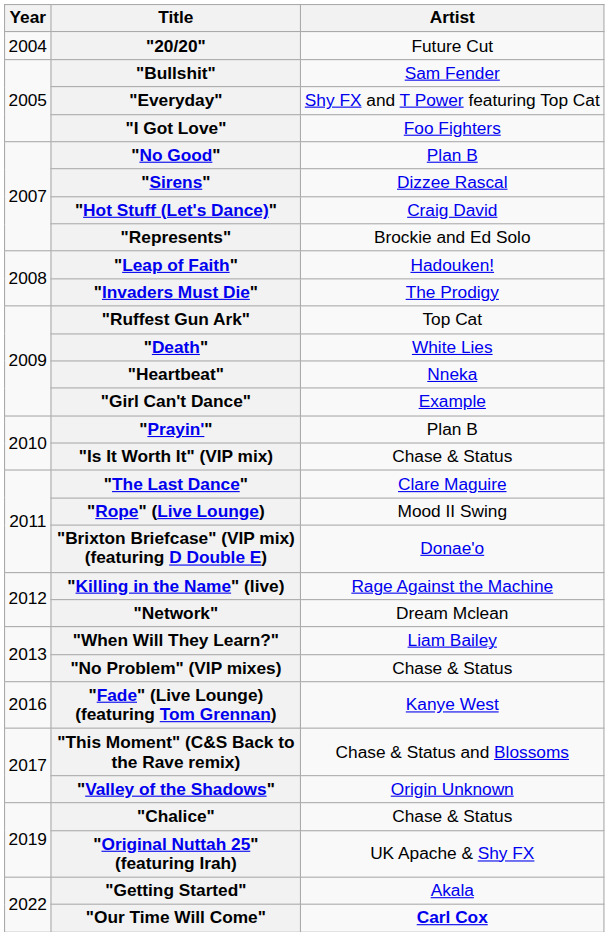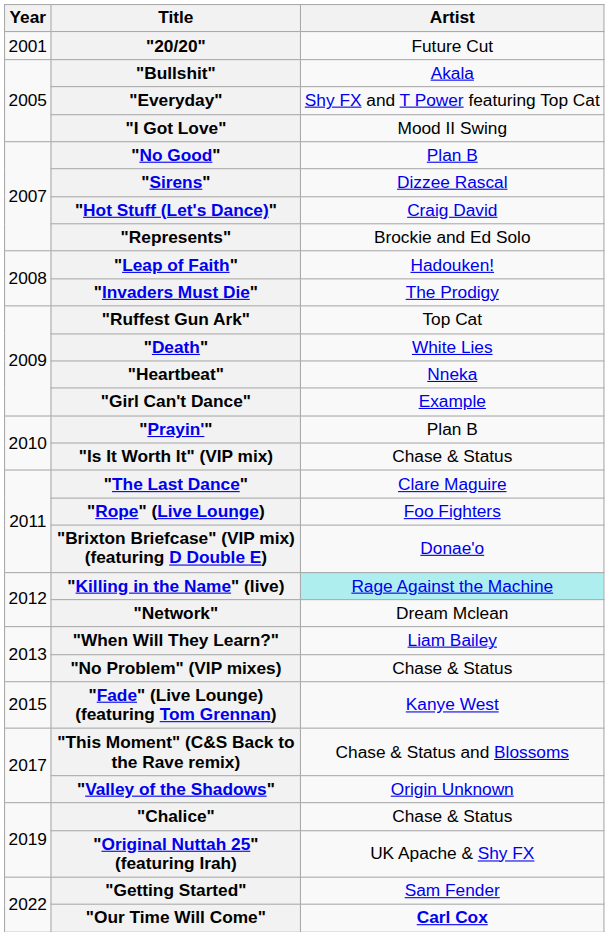 <table class="wikitable plainrowheaders" style="text-align:center;" border="1">
 <tr>
 <th scope="col" style="width:1em;">Year</th>
 <th scope="col" style="width:14em;">Title</th>
 <th scope="col">Artist</th>
 </tr>
 <tr>
-<td>2004</td>
+<td>2001</td>
 <th scope="row">"20/20"</th>
 <td>Future Cut</td>
 </tr>
 <tr>
 <td rowspan="3">2005</td>
 <th scope="row">"Bullshit"</th>
-<td><a href='#'>Sam Fender</a></td>
+<td><a href='#'>Akala</a></td>
 </tr>
 <tr>
 <th scope="row">"Everyday"</th>
 <td><a href='#'>Shy FX</a> and <a href='#'>T Power</a> featuring Top Cat</td>
 </tr>
 <tr>
 <th scope="row">"I Got Love"</th>
-<td><a href='#'>Foo Fighters</a></td>
+<td>Mood II Swing</td>
 </tr>
 <tr>
 <td rowspan="4">2007</td>
 <th scope="row">"<a href='#'>No Good</a>"</th>
 <td><a href='#'>Plan B</a></td>
 </tr>
 <tr>
 <th scope="row">"<a href='#'>Sirens</a>"</th>
 <td><a href='#'>Dizzee Rascal</a></td>
 </tr>
 <tr>
 <th scope="row">"<a href='#'>Hot Stuff (Let's Dance)</a>"</th>
 <td><a href='#'>Craig David</a></td>
 </tr>
 <tr>
 <th scope="row">"Represents"</th>
 <td>Brockie and Ed Solo</td>
 </tr>
 <tr>
 <td rowspan="2">2008</td>
 <th scope="row">"<a href='#'>Leap of Faith</a>"</th>
 <td><a href='#'>Hadouken!</a></td>
 </tr>
 <tr>
 <th scope="row">"<a href='#'>Invaders Must Die</a>"</th>
 <td><a href='#'>The Prodigy</a></td>
 </tr>
 <tr>
 <td rowspan="4">2009</td>
 <th scope="row">"Ruffest Gun Ark"</th>
 <td>Top Cat</td>
 </tr>
 <tr>
 <th scope="row">"<a href='#'>Death</a>"</th>
 <td><a href='#'>White Lies</a></td>
 </tr>
 <tr>
 <th scope="row">"Heartbeat"</th>
 <td><a href='#'>Nneka</a></td>
 </tr>
 <tr>
 <th scope="row">"Girl Can't Dance"</th>
 <td><a href='#'>Example</a></td>
 </tr>
 <tr>
 <td rowspan="2">2010</td>
 <th scope="row">"<a href='#'>Prayin'</a>"</th>
 <td>Plan B</td>
 </tr>
 <tr>
 <th scope="row">"Is It Worth It" (VIP mix)</th>
 <td>Chase & Status</td>
 </tr>
 <tr>
 <td rowspan="3">2011</td>
 <th scope="row">"<a href='#'>The Last Dance</a>"</th>
 <td><a href='#'>Clare Maguire</a></td>
 </tr>
 <tr>
 <th scope="row">"<a href='#'>Rope</a>" (<a href='#'>Live Lounge</a>)</th>
-<td>Mood II Swing</td>
+<td><a href='#'>Foo Fighters</a></td>
 </tr>
 <tr>
 <th scope="row">"Brixton Briefcase" (VIP mix)<br><span>(featuring <a href='#'>D Double E</a>)</span></th>
 <td><a href='#'>Donae'o</a></td>
 </tr>
 <tr>
 <td rowspan="2">2012</td>
 <th scope="row">"<a href='#'>Killing in the Name</a>" (live)</th>
-<td><a href='#'>Rage Against the Machine</a></td>
+<td style="background: paleturquoise;"><a href='#'>Rage Against the Machine</a></td>
 </tr>
 <tr>
 <th scope="row">"Network"</th>
 <td>Dream Mclean</td>
 </tr>
 <tr>
 <td rowspan="2">2013</td>
 <th scope="row">"When Will They Learn?"</th>
 <td><a href='#'>Liam Bailey</a></td>
 </tr>
 <tr>
 <th scope="row">"No Problem" (VIP mixes)</th>
 <td>Chase & Status</td>
 </tr>
 <tr>
-<td>2016</td>
+<td>2015</td>
 <th scope="row">"<a href='#'>Fade</a>" (Live Lounge) <br><span>(featuring <a href='#'>Tom Grennan</a>)</span></th>
 <td><a href='#'>Kanye West</a></td>
 </tr>
 <tr>
 <td rowspan="2">2017</td>
 <th scope="row">"This Moment" (C&S Back to the Rave remix)</th>
 <td>Chase & Status and <a href='#'>Blossoms</a></td>
 </tr>
 <tr>
 <th scope="row">"<a href='#'>Valley of the Shadows</a>"</th>
 <td><a href='#'>Origin Unknown</a></td>
 </tr>
 <tr>
 <td rowspan="2">2019</td>
 <th scope="row">"Chalice"</th>
 <td>Chase & Status</td>
 </tr>
 <tr>
 <th scope="row">"<a href='#'>Original Nuttah 25</a>" <br><span>(featuring Irah)</span></th>
 <td>UK Apache & <a href='#'>Shy FX</a></td>
 </tr>
 <tr>
 <td rowspan="2">2022</td>
 <th scope="row">"Getting Started"</th>
-<td><a href='#'>Akala</a></td>
+<td><a href='#'>Sam Fender</a></td>
 </tr>
 <tr>
 <th scope="row">"Our Time Will Come"</th>
 <td><strong><a href='#'>Carl Cox</a></strong></td>
 </tr>
 </table>
